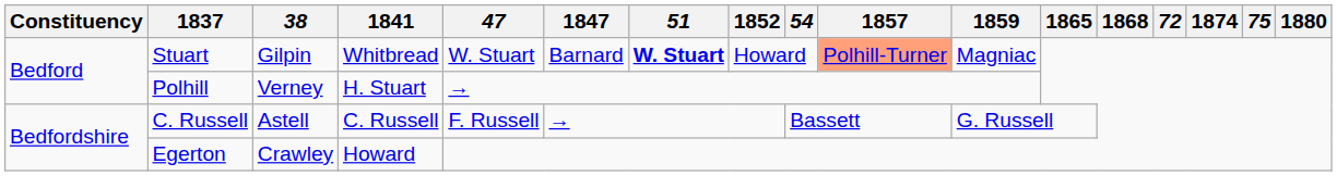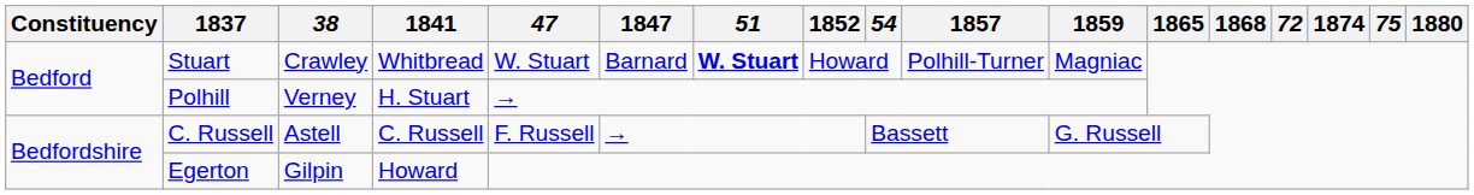 <table class="wikitable">
 <tr>
 <th>Constituency</th>
 <th>1837</th>
 <th><em>38</em></th>
 <th>1841</th>
 <th><em>47</em></th>
 <th>1847</th>
 <th><em>51</em></th>
 <th>1852</th>
 <th><em>54</em></th>
 <th>1857</th>
 <th>1859</th>
 <th>1865</th>
 <th>1868</th>
 <th><em>72</em></th>
 <th>1874</th>
 <th><em>75</em></th>
 <th>1880</th>
 </tr>
 <tr>
 <td rowspan="2"><a href='#'>Bedford</a></td>
 <td><a href='#'>Stuart</a></td>
-<td><a href='#'>Gilpin</a></td>
+<td><a href='#'>Crawley</a></td>
 <td><a href='#'>Whitbread</a></td>
 <td><a href='#'>W. Stuart</a></td>
 <td><a href='#'>Barnard</a></td>
 <td><strong><a href='#'>W. Stuart</a></strong></td>
 <td colspan="2"><a href='#'>Howard</a></td>
-<td style="background: lightsalmon;"><a href='#'>Polhill-Turner</a></td>
+<td><a href='#'>Polhill-Turner</a></td>
 <td><a href='#'>Magniac</a></td>
 </tr>
 <tr>
 <td><a href='#'>Polhill</a></td>
 <td><a href='#'>Verney</a></td>
 <td><a href='#'>H. Stuart</a></td>
 <td colspan="7"><a href='#'>→</a></td>
 </tr>
 <tr>
 <td rowspan="2"><a href='#'>Bedfordshire</a></td>
 <td><a href='#'>C. Russell</a></td>
 <td><a href='#'>Astell</a></td>
 <td><a href='#'>C. Russell</a></td>
 <td><a href='#'>F. Russell</a></td>
 <td colspan="3"><a href='#'>→</a></td>
 <td colspan="2"><a href='#'>Bassett</a></td>
 <td colspan="2"><a href='#'>G. Russell</a></td>
 </tr>
 <tr>
 <td><a href='#'>Egerton</a></td>
-<td><a href='#'>Crawley</a></td>
+<td><a href='#'>Gilpin</a></td>
 <td><a href='#'>Howard</a></td>
 </tr>
 </table>
